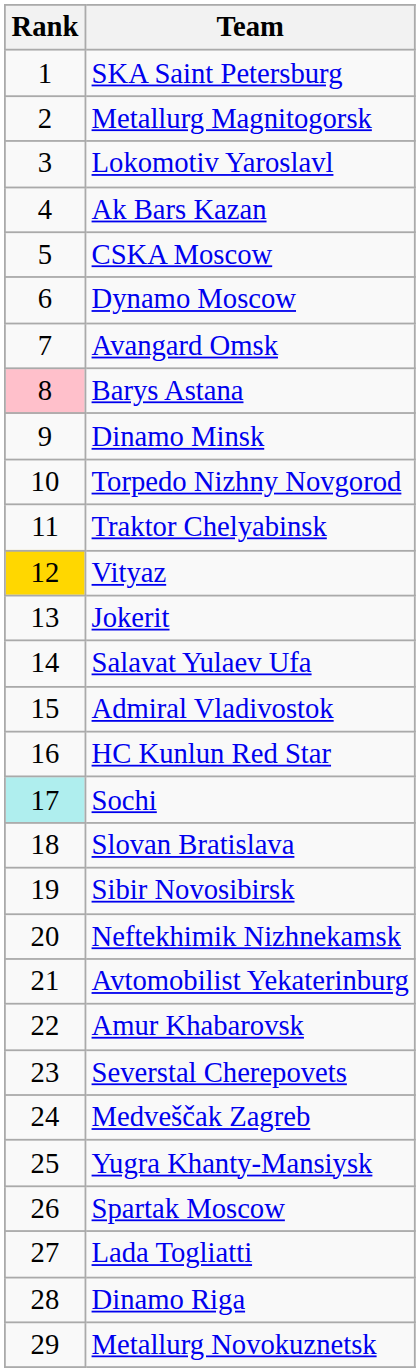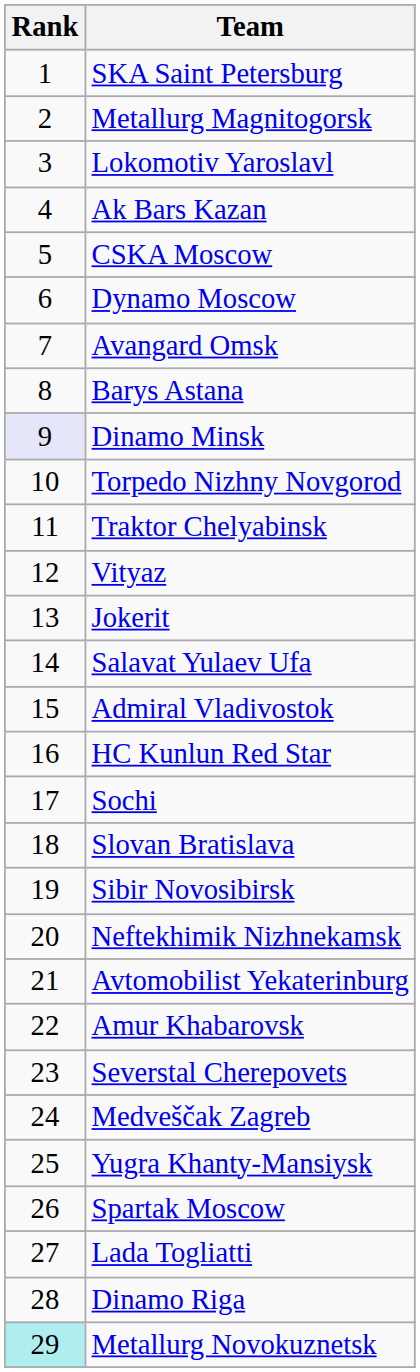 <table class="wikitable">
 <tr>
 <th align="center">Rank</th>
 <th>Team</th>
 </tr>
 <tr>
 <td rowspan="1" align="center">1</td>
 <td> <a href='#'>SKA Saint Petersburg</a></td>
 </tr>
 <tr>
 <td rowspan="1" align="center">2</td>
 <td> <a href='#'>Metallurg Magnitogorsk</a></td>
 </tr>
 <tr>
 <td rowspan="1" align="center">3</td>
 <td> <a href='#'>Lokomotiv Yaroslavl</a></td>
 </tr>
 <tr>
 <td rowspan="1" align="center">4</td>
 <td> <a href='#'>Ak Bars Kazan</a></td>
 </tr>
 <tr>
 <td rowspan="1" align="center">5</td>
 <td> <a href='#'>CSKA Moscow</a></td>
 </tr>
 <tr>
 <td rowspan="1" align="center">6</td>
 <td> <a href='#'>Dynamo Moscow</a></td>
 </tr>
 <tr>
 <td rowspan="1" align="center">7</td>
 <td> <a href='#'>Avangard Omsk</a></td>
 </tr>
 <tr>
-<td rowspan="1" align="center" style="background: pink;">8</td>
+<td rowspan="1" align="center">8</td>
 <td> <a href='#'>Barys Astana</a></td>
 </tr>
 <tr>
-<td rowspan="1" align="center">9</td>
+<td rowspan="1" align="center" style="background: lavender;">9</td>
 <td> <a href='#'>Dinamo Minsk</a></td>
 </tr>
 <tr>
 <td rowspan="1" align="center">10</td>
 <td> <a href='#'>Torpedo Nizhny Novgorod</a></td>
 </tr>
 <tr>
 <td rowspan="1" align="center">11</td>
 <td> <a href='#'>Traktor Chelyabinsk</a></td>
 </tr>
 <tr>
-<td rowspan="1" align="center" style="background: gold;">12</td>
+<td rowspan="1" align="center">12</td>
 <td> <a href='#'>Vityaz</a></td>
 </tr>
 <tr>
 <td rowspan="1" align="center">13</td>
 <td> <a href='#'>Jokerit</a></td>
 </tr>
 <tr>
 <td rowspan="1" align="center">14</td>
 <td> <a href='#'>Salavat Yulaev Ufa</a></td>
 </tr>
 <tr>
 <td rowspan="1" align="center">15</td>
 <td> <a href='#'>Admiral Vladivostok</a></td>
 </tr>
 <tr>
 <td rowspan="1" align="center">16</td>
 <td> <a href='#'>HC Kunlun Red Star</a></td>
 </tr>
 <tr>
-<td rowspan="1" align="center" style="background: paleturquoise;">17</td>
+<td rowspan="1" align="center">17</td>
 <td> <a href='#'>Sochi</a></td>
 </tr>
 <tr>
 <td rowspan="1" align="center">18</td>
 <td> <a href='#'>Slovan Bratislava</a></td>
 </tr>
 <tr>
 <td rowspan="1" align="center">19</td>
 <td> <a href='#'>Sibir Novosibirsk</a></td>
 </tr>
 <tr>
 <td rowspan="1" align="center">20</td>
 <td> <a href='#'>Neftekhimik Nizhnekamsk</a></td>
 </tr>
 <tr>
 <td rowspan="1" align="center">21</td>
 <td> <a href='#'>Avtomobilist Yekaterinburg</a></td>
 </tr>
 <tr>
 <td rowspan="1" align="center">22</td>
 <td> <a href='#'>Amur Khabarovsk</a></td>
 </tr>
 <tr>
 <td rowspan="1" align="center">23</td>
 <td> <a href='#'>Severstal Cherepovets</a></td>
 </tr>
 <tr>
 <td rowspan="1" align="center">24</td>
 <td> <a href='#'>Medveščak Zagreb</a></td>
 </tr>
 <tr>
 <td rowspan="1" align="center">25</td>
 <td> <a href='#'>Yugra Khanty-Mansiysk</a></td>
 </tr>
 <tr>
 <td rowspan="1" align="center">26</td>
 <td> <a href='#'>Spartak Moscow</a></td>
 </tr>
 <tr>
 <td rowspan="1" align="center">27</td>
 <td> <a href='#'>Lada Togliatti</a></td>
 </tr>
 <tr>
 <td rowspan="1" align="center">28</td>
 <td> <a href='#'>Dinamo Riga</a></td>
 </tr>
 <tr>
-<td rowspan="1" align="center">29</td>
+<td rowspan="1" align="center" style="background: paleturquoise;">29</td>
 <td> <a href='#'>Metallurg Novokuznetsk</a></td>
 </tr>
 </table>
